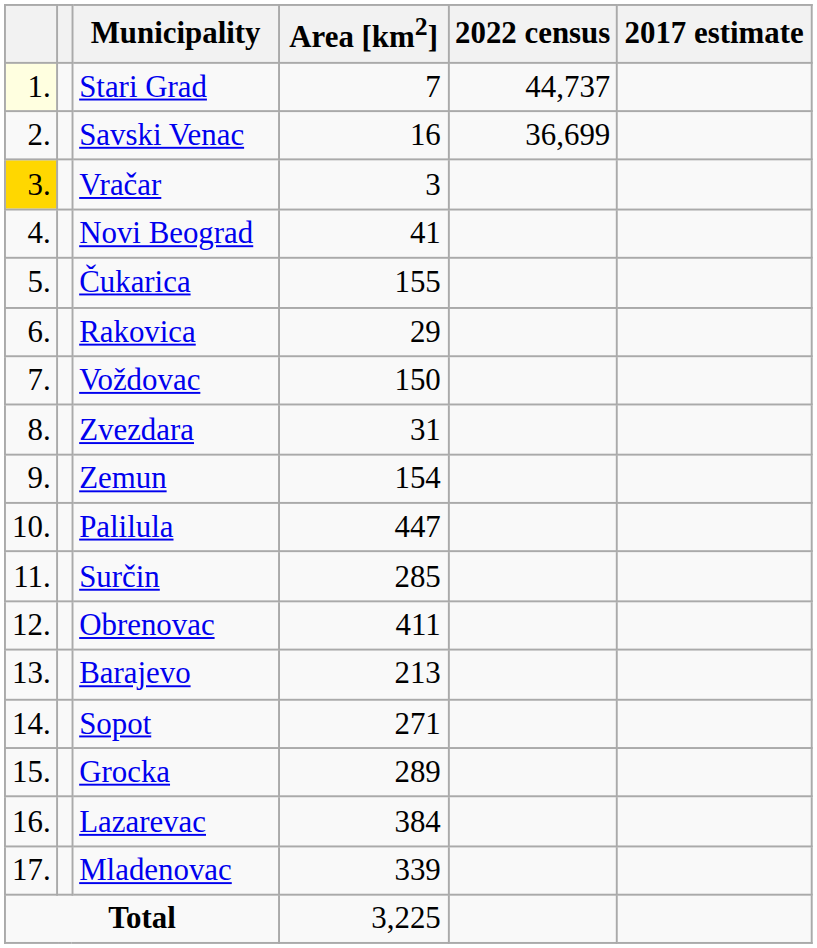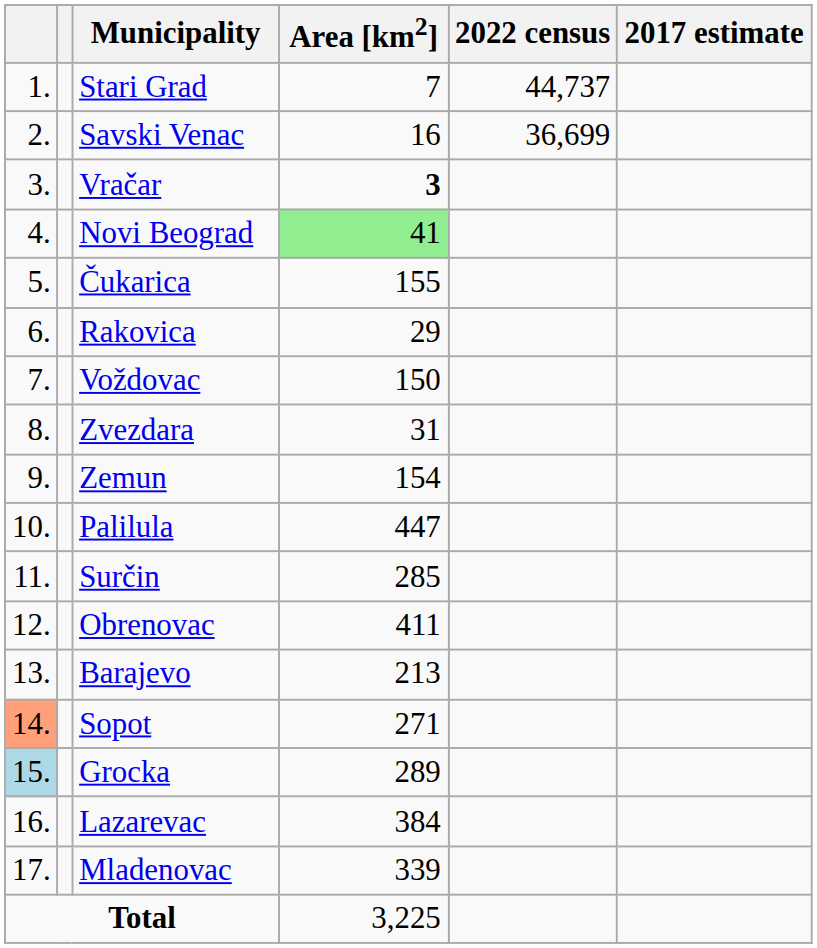 <table class="wikitable sortable">
 <tr>
 <th></th>
 <th></th>
 <th width=100>Municipality</th>
 <th width=80>Area [km<sup>2</sup>]</th>
 <th>2022 census</th>
 <th>2017 estimate</th>
 </tr>
 <tr>
-<td align="right" style="background: lightyellow;">1.</td>
+<td align="right">1.</td>
 <td></td>
 <td><a href='#'>Stari Grad</a></td>
 <td align="right">7</td>
 <td align="right">44,737</td>
 <td align="right"></td>
 </tr>
 <tr>
 <td align="right">2.</td>
 <td></td>
 <td><a href='#'>Savski Venac</a></td>
 <td align="right">16</td>
 <td align="right">36,699</td>
 <td align="right"></td>
 </tr>
 <tr>
-<td align="right" style="background: gold;">3.</td>
+<td align="right">3.</td>
 <td></td>
 <td><a href='#'>Vračar</a></td>
-<td align="right">3</td>
+<td align="right"><strong>3</strong></td>
 <td align="right"></td>
 <td align="right"></td>
 </tr>
 <tr>
 <td align="right">4.</td>
 <td></td>
 <td><a href='#'>Novi Beograd</a></td>
-<td align="right">41</td>
+<td align="right" style="background: lightgreen;">41</td>
 <td align="right"></td>
 <td align="right"></td>
 </tr>
 <tr>
 <td align="right">5.</td>
 <td></td>
 <td><a href='#'>Čukarica</a></td>
 <td align="right">155</td>
 <td align="right"></td>
 <td align="right"></td>
 </tr>
 <tr>
 <td align="right">6.</td>
 <td></td>
 <td><a href='#'>Rakovica</a></td>
 <td align="right">29</td>
 <td align="right"></td>
 <td align="right"></td>
 </tr>
 <tr>
 <td align="right">7.</td>
 <td></td>
 <td><a href='#'>Voždovac</a></td>
 <td align="right">150</td>
 <td align="right"></td>
 <td align="right"></td>
 </tr>
 <tr>
 <td align="right">8.</td>
 <td></td>
 <td><a href='#'>Zvezdara</a></td>
 <td align="right">31</td>
 <td align="right"></td>
 <td align="right"></td>
 </tr>
 <tr>
 <td align="right">9.</td>
 <td></td>
 <td><a href='#'>Zemun</a></td>
 <td align="right">154</td>
 <td align="right"></td>
 <td align="right"></td>
 </tr>
 <tr>
 <td align="right">10.</td>
 <td></td>
 <td><a href='#'>Palilula</a></td>
 <td align="right">447</td>
 <td align="right"></td>
 <td align="right"></td>
 </tr>
 <tr>
 <td align="right">11.</td>
 <td></td>
 <td><a href='#'>Surčin</a></td>
 <td align="right">285</td>
 <td align="right"></td>
 <td align="right"></td>
 </tr>
 <tr>
 <td align="right">12.</td>
 <td></td>
 <td><a href='#'>Obrenovac</a></td>
 <td align="right">411</td>
 <td align="right"></td>
 <td align="right"></td>
 </tr>
 <tr>
 <td align="right">13.</td>
 <td></td>
 <td><a href='#'>Barajevo</a></td>
 <td align="right">213</td>
 <td align="right"></td>
 <td align="right"></td>
 </tr>
 <tr>
-<td align="right">14.</td>
+<td align="right" style="background: lightsalmon;">14.</td>
 <td></td>
 <td><a href='#'>Sopot</a></td>
 <td align="right">271</td>
 <td align="right"></td>
 <td align="right"></td>
 </tr>
 <tr>
-<td align="right">15.</td>
+<td align="right" style="background: lightblue;">15.</td>
 <td></td>
 <td><a href='#'>Grocka</a></td>
 <td align="right">289</td>
 <td align="right"></td>
 <td align="right"></td>
 </tr>
 <tr>
 <td align="right">16.</td>
 <td></td>
 <td><a href='#'>Lazarevac</a></td>
 <td align="right">384</td>
 <td align="right"></td>
 <td align="right"></td>
 </tr>
 <tr>
 <td align="right">17.</td>
 <td></td>
 <td><a href='#'>Mladenovac</a></td>
 <td align="right">339</td>
 <td align="right"></td>
 <td align="right"></td>
 </tr>
 <tr class="sortbottom">
 <td colspan=3 style="text-align:center;"><strong>Total</strong></td>
 <td align="right">3,225</td>
 <td align="right"></td>
 <td align="right"></td>
 </tr>
 </table>
